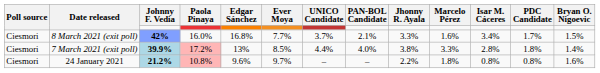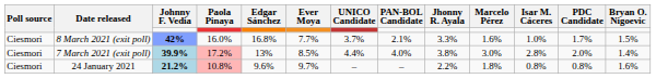 <table class="wikitable" style="text-align:center;font-size:90%;line-height:14px;">
 <tr>
 <th rowspan="2">Poll source</th>
 <th rowspan="2">Date released</th>
 <th style="width:60px">Johnny F. Vedia</th>
 <th style="width:60px">Paola Pinaya</th>
 <th style="width:60px">Edgar Sánchez</th>
 <th style="width:60px">Ever Moya</th>
 <th style="width:60px">UNICO Candidate</th>
 <th style="width:60px">PAN-BOL Candidate </th>
 <th style="width:60px">Jhonny R. Ayala</th>
 <th style="width:60px">Marcelo Pérez</th>
 <th style="width:60px">Isar M. Cáceres</th>
 <th style="width:60px">PDC Candidate</th>
 <th style="width:60px">Bryan O. Nigoevic</th>
 </tr>
 <tr>
 <td style="background:"></td>
 <td style="background:#EC3235;"></td>
 <td style="background:#FC8100;"></td>
 <td style="background:#F49021;"></td>
 <td style="background:#C33534;"></td>
 <td style="background:"></td>
 <td style="background:"></td>
 <td style="background:"></td>
 <td style="background:"></td>
 <td style="background:"></td>
 <td style="background:"></td>
 </tr>
 <tr>
 <td style="text-align:left;">Ciesmori</td>
 <td><em>8 March 2021 (exit poll)</em></td>
 <td style="background:#809fff"><strong>42%</strong></td>
 <td>16.0%</td>
 <td>16.8%</td>
 <td>7.7%</td>
 <td>3.7%</td>
 <td>2.1%</td>
 <td>3.3%</td>
 <td>1.6%</td>
-<td>3.4%</td>
+<td>1.0%</td>
 <td>1.7%</td>
 <td>1.5%</td>
 </tr>
 <tr>
 <td style="text-align:left;">Ciesmori</td>
 <td><em>7 March 2021 (exit poll)</em></td>
 <td style="background:lightblue"><strong>39.9%</strong></td>
 <td style="background:#FFB6B6">17.2%</td>
 <td>13%</td>
 <td>8.5%</td>
 <td>4.4%</td>
 <td>4.0%</td>
 <td>3.8%</td>
-<td>3.3%</td>
+<td>3.0%</td>
 <td>2.8%</td>
-<td>1.8%</td>
+<td>2.0%</td>
 <td>1.4%</td>
 </tr>
 <tr>
 <td style="text-align:left;">Ciesmori</td>
 <td>24 January 2021</td>
 <td style="background:lightblue"><strong>21.2%</strong></td>
 <td style="background:#FFB6B6">10.8%</td>
 <td>9.6%</td>
 <td>9.7%</td>
 <td>–</td>
 <td>–</td>
 <td>2.2%</td>
 <td>1.8%</td>
 <td>0.8%</td>
 <td>0.8%</td>
 <td>1.6%</td>
 </tr>
 </table>
